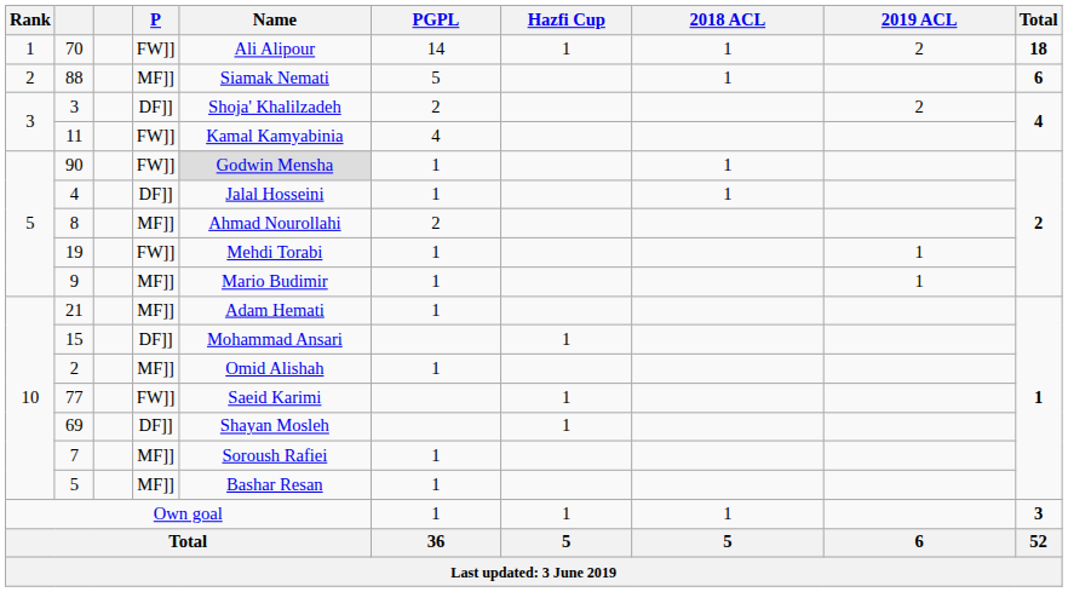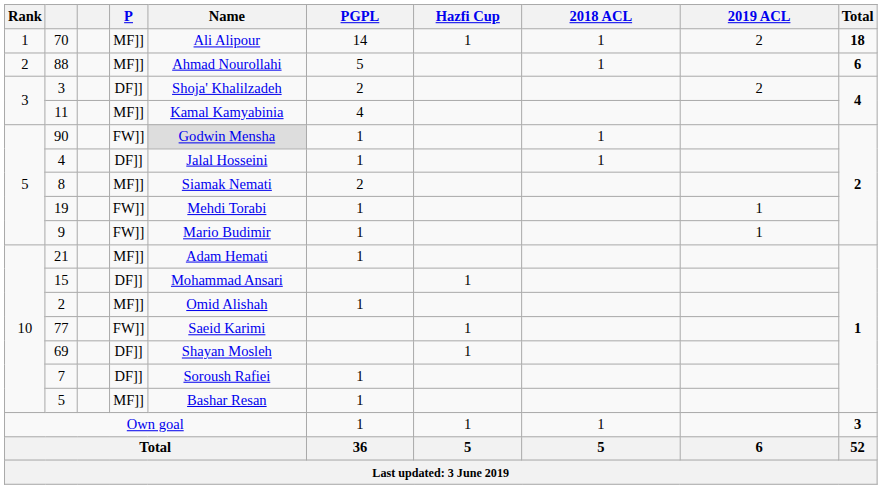 <table class="wikitable" style="text-align:center; font-size:90%">
 <tr>
 <th width=25>Rank</th>
 <th width=25></th>
 <th width=25></th>
 <th width=25><a href='#'>P</a></th>
 <th width=150>Name</th>
 <th width=100><a href='#'>PGPL</a></th>
 <th width=100><a href='#'>Hazfi Cup</a></th>
 <th width=150><a href='#'>2018 ACL</a></th>
 <th width=150><a href='#'>2019 ACL</a></th>
 <th>Total</th>
 </tr>
 <tr>
 <td>1</td>
 <td>70</td>
 <td></td>
-<td [[>FW]]</td>
+<td [[>MF]]</td>
 <td><a href='#'>Ali Alipour</a></td>
 <td>14</td>
 <td>1</td>
 <td>1</td>
 <td>2</td>
 <td><strong>18</strong></td>
 </tr>
 <tr>
 <td>2</td>
 <td>88</td>
 <td></td>
 <td [[>MF]]</td>
-<td><a href='#'>Siamak Nemati</a></td>
+<td><a href='#'>Ahmad Nourollahi</a></td>
 <td>5</td>
 <td></td>
 <td>1</td>
 <td></td>
 <td><strong>6</strong></td>
 </tr>
 <tr>
 <td rowspan=2>3</td>
 <td>3</td>
 <td></td>
 <td [[>DF]]</td>
 <td><a href='#'>Shoja' Khalilzadeh</a></td>
 <td>2</td>
 <td></td>
 <td></td>
 <td>2</td>
 <td rowspan=2><strong>4</strong></td>
 </tr>
 <tr>
 <td>11</td>
 <td></td>
-<td [[>FW]]</td>
+<td [[>MF]]</td>
 <td><a href='#'>Kamal Kamyabinia</a></td>
 <td>4</td>
 <td></td>
 <td></td>
 <td></td>
 </tr>
 <tr>
 <td rowspan=5>5</td>
 <td>90</td>
 <td></td>
 <td [[>FW]]</td>
 <td style="background:#DDDDDD"><a href='#'>Godwin Mensha</a></td>
 <td>1</td>
 <td></td>
 <td>1</td>
 <td></td>
 <td rowspan=5><strong>2</strong></td>
 </tr>
 <tr>
 <td>4</td>
 <td></td>
 <td [[>DF]]</td>
 <td><a href='#'>Jalal Hosseini</a></td>
 <td>1</td>
 <td></td>
 <td>1</td>
 <td></td>
 </tr>
 <tr>
 <td>8</td>
 <td></td>
 <td [[>MF]]</td>
-<td><a href='#'>Ahmad Nourollahi</a></td>
+<td><a href='#'>Siamak Nemati</a></td>
 <td>2</td>
 <td></td>
 <td></td>
 <td></td>
 </tr>
 <tr>
 <td>19</td>
 <td></td>
 <td [[>FW]]</td>
 <td><a href='#'>Mehdi Torabi</a></td>
 <td>1</td>
 <td></td>
 <td></td>
 <td>1</td>
 </tr>
 <tr>
 <td>9</td>
 <td></td>
-<td [[>MF]]</td>
+<td [[>FW]]</td>
 <td><a href='#'>Mario Budimir</a></td>
 <td>1</td>
 <td></td>
 <td></td>
 <td>1</td>
 </tr>
 <tr>
 <td rowspan=7>10</td>
 <td>21</td>
 <td> </td>
 <td [[>MF]]</td>
 <td><a href='#'>Adam Hemati</a></td>
 <td>1</td>
 <td></td>
 <td></td>
 <td></td>
 <td rowspan=7><strong>1</strong></td>
 </tr>
 <tr>
 <td>15</td>
 <td></td>
 <td [[>DF]]</td>
 <td><a href='#'>Mohammad Ansari</a></td>
 <td></td>
 <td>1</td>
 <td></td>
 <td></td>
 </tr>
 <tr>
 <td>2</td>
 <td></td>
 <td [[>MF]]</td>
 <td><a href='#'>Omid Alishah</a></td>
 <td>1</td>
 <td></td>
 <td></td>
 <td></td>
 </tr>
 <tr>
 <td>77</td>
 <td></td>
 <td [[>FW]]</td>
 <td><a href='#'>Saeid Karimi</a></td>
 <td></td>
 <td>1</td>
 <td></td>
 <td></td>
 </tr>
 <tr>
 <td>69</td>
 <td></td>
 <td [[>DF]]</td>
 <td><a href='#'>Shayan Mosleh</a></td>
 <td></td>
 <td>1</td>
 <td></td>
 <td></td>
 </tr>
 <tr>
 <td>7</td>
 <td></td>
-<td [[>MF]]</td>
+<td [[>DF]]</td>
 <td><a href='#'>Soroush Rafiei</a></td>
 <td>1</td>
 <td></td>
 <td></td>
 <td></td>
 </tr>
 <tr>
 <td>5</td>
 <td></td>
 <td [[>MF]]</td>
 <td><a href='#'>Bashar Resan</a></td>
 <td>1</td>
 <td></td>
 <td></td>
 <td></td>
 </tr>
 <tr>
 <td colspan=5><a href='#'>Own goal</a></td>
 <td>1</td>
 <td>1</td>
 <td>1</td>
 <td></td>
 <td><strong>3</strong></td>
 </tr>
 <tr>
 <th colspan=5>Total</th>
 <th><strong>36</strong></th>
 <th><strong>5</strong></th>
 <th><strong>5</strong></th>
 <th><strong>6</strong></th>
 <th><strong>52</strong></th>
 </tr>
 <tr align=left style="background:#DCDCDC">
 <th colspan="10"><small>Last updated: 3 June 2019</small></th>
 </tr>
 </table>
